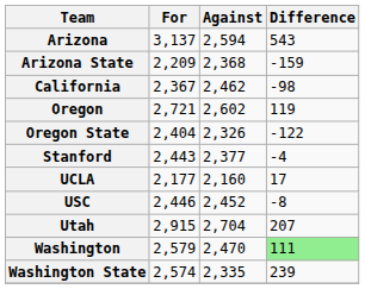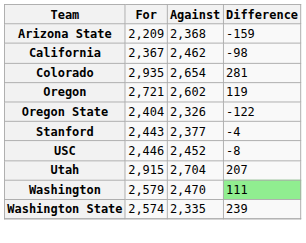 <table class="wikitable sortable">
 <tr>
 <th scope="col">Team</th>
 <th scope="col">For</th>
 <th scope="col">Against</th>
 <th scope="col">Difference</th>
-</tr>
-<tr>
-<th>Arizona</th>
-<td>3,137</td>
-<td>2,594</td>
-<td>543</td>
 </tr>
 <tr>
 <th>Arizona State</th>
 <td>2,209</td>
 <td>2,368</td>
 <td>-159</td>
 </tr>
 <tr>
 <th>California</th>
 <td>2,367</td>
 <td>2,462</td>
 <td>-98</td>
+</tr>
+<tr>
+<th>Colorado</th>
+<td>2,935</td>
+<td>2,654</td>
+<td>281</td>
 </tr>
 <tr>
 <th>Oregon</th>
 <td>2,721</td>
 <td>2,602</td>
 <td>119</td>
 </tr>
 <tr>
 <th>Oregon State</th>
 <td>2,404</td>
 <td>2,326</td>
 <td>-122</td>
 </tr>
 <tr>
 <th>Stanford</th>
 <td>2,443</td>
 <td>2,377</td>
 <td>-4</td>
-</tr>
-<tr>
-<th>UCLA</th>
-<td>2,177</td>
-<td>2,160</td>
-<td>17</td>
 </tr>
 <tr>
 <th>USC</th>
 <td>2,446</td>
 <td>2,452</td>
 <td>-8</td>
 </tr>
 <tr>
 <th>Utah</th>
 <td>2,915</td>
 <td>2,704</td>
 <td>207</td>
 </tr>
 <tr>
 <th>Washington</th>
 <td>2,579</td>
 <td>2,470</td>
 <td style="background: lightgreen;">111</td>
 </tr>
 <tr>
 <th>Washington State</th>
 <td>2,574</td>
 <td>2,335</td>
 <td>239</td>
 </tr>
 <tr>
 </tr>
 </table>
